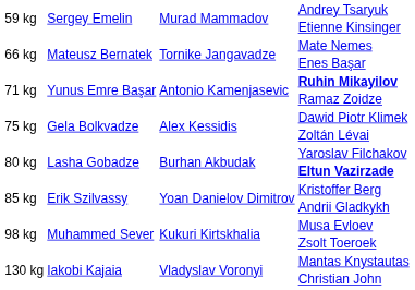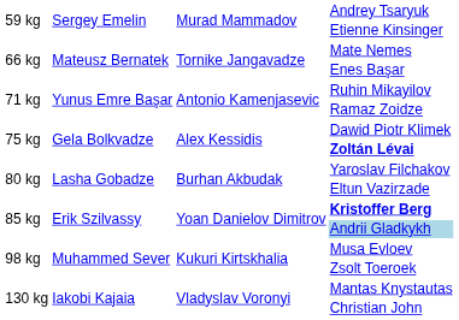 <table>
 <tr>
 <td rowspan=2>59 kg</td>
 <td rowspan=2> <a href='#'>Sergey Emelin</a></td>
 <td rowspan=2> <a href='#'>Murad Mammadov</a></td>
 <td> <a href='#'>Andrey Tsaryuk</a></td>
 </tr>
 <tr>
 <td> <a href='#'>Etienne Kinsinger</a></td>
 </tr>
 <tr>
 <td rowspan=2>66 kg</td>
 <td rowspan=2> <a href='#'>Mateusz Bernatek</a></td>
 <td rowspan=2> <a href='#'>Tornike Jangavadze</a></td>
 <td> <a href='#'>Mate Nemes</a></td>
 </tr>
 <tr>
 <td> <a href='#'>Enes Başar</a></td>
 </tr>
 <tr>
 <td rowspan=2>71 kg</td>
 <td rowspan=2> <a href='#'>Yunus Emre Başar</a></td>
 <td rowspan=2> <a href='#'>Antonio Kamenjasevic</a></td>
-<td><strong> <a href='#'>Ruhin Mikayilov</a></strong></td>
+<td> <a href='#'>Ruhin Mikayilov</a></td>
 </tr>
 <tr>
 <td> <a href='#'>Ramaz Zoidze</a></td>
 </tr>
 <tr>
 <td rowspan=2>75 kg</td>
 <td rowspan=2> <a href='#'>Gela Bolkvadze</a></td>
 <td rowspan=2> <a href='#'>Alex Kessidis</a></td>
 <td> <a href='#'>Dawid Piotr Klimek</a></td>
 </tr>
 <tr>
-<td> <a href='#'>Zoltán Lévai</a></td>
+<td><strong> <a href='#'>Zoltán Lévai</a></strong></td>
 </tr>
 <tr>
 <td rowspan=2>80 kg</td>
 <td rowspan=2> <a href='#'>Lasha Gobadze</a></td>
 <td rowspan=2> <a href='#'>Burhan Akbudak</a></td>
 <td> <a href='#'>Yaroslav Filchakov</a></td>
 </tr>
 <tr>
-<td><strong> <a href='#'>Eltun Vazirzade</a></strong></td>
+<td> <a href='#'>Eltun Vazirzade</a></td>
 </tr>
 <tr>
 <td rowspan=2>85 kg</td>
 <td rowspan=2> <a href='#'>Erik Szilvassy</a></td>
 <td rowspan=2> <a href='#'>Yoan Danielov Dimitrov</a></td>
-<td> <a href='#'>Kristoffer Berg</a></td>
+<td><strong> <a href='#'>Kristoffer Berg</a></strong></td>
 </tr>
 <tr>
-<td> <a href='#'>Andrii Gladkykh</a></td>
+<td style="background: lightblue;"> <a href='#'>Andrii Gladkykh</a></td>
 </tr>
 <tr>
 <td rowspan=2>98 kg</td>
 <td rowspan=2> <a href='#'>Muhammed Sever</a></td>
 <td rowspan=2> <a href='#'>Kukuri Kirtskhalia</a></td>
 <td> <a href='#'>Musa Evloev</a></td>
 </tr>
 <tr>
 <td> <a href='#'>Zsolt Toeroek</a></td>
 </tr>
 <tr>
 <td rowspan=2>130 kg</td>
 <td rowspan=2> <a href='#'>Iakobi Kajaia</a></td>
 <td rowspan=2> <a href='#'>Vladyslav Voronyi</a></td>
 <td> <a href='#'>Mantas Knystautas</a></td>
 </tr>
 <tr>
 <td> <a href='#'>Christian John</a></td>
 </tr>
 </table>
